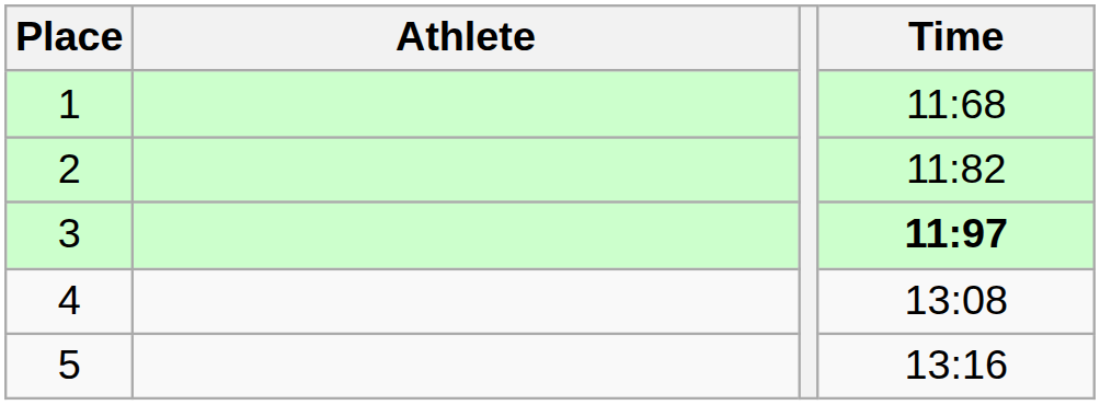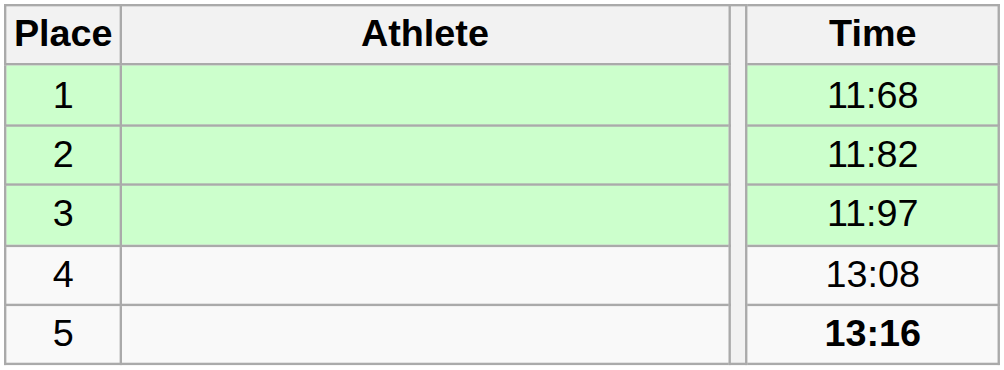 <table class="wikitable" style="text-align:center">
 <tr>
 <th>Place</th>
 <th width=250>Athlete</th>
 <th rowspan=27></th>
 <th width=100>Time</th>
 </tr>
 <tr style="background:#ccffcc;">
 <td>1</td>
 <td align=left></td>
 <td>11:68</td>
 </tr>
 <tr style="background:#ccffcc;">
 <td>2</td>
 <td align=left></td>
 <td>11:82</td>
 </tr>
 <tr style="background:#ccffcc;">
 <td>3</td>
 <td align=left></td>
-<td><strong>11:97</strong></td>
+<td>11:97</td>
 </tr>
 <tr>
 <td>4</td>
 <td align=left></td>
 <td>13:08</td>
 </tr>
 <tr>
 <td>5</td>
 <td align=left></td>
-<td>13:16</td>
+<td><strong>13:16</strong></td>
 </tr>
 </table>
